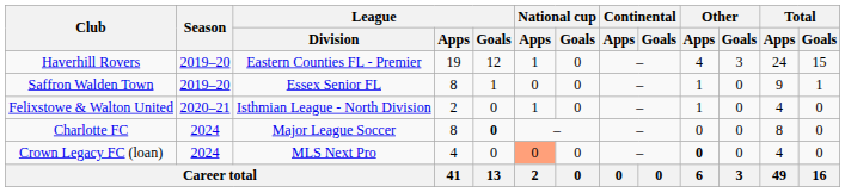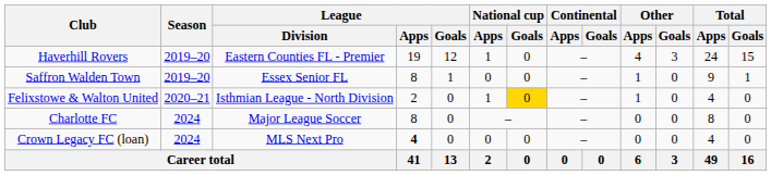 <table class="wikitable" style="text-align: center">
 <tr>
 <th rowspan="2">Club</th>
 <th rowspan="2">Season</th>
 <th colspan="3">League</th>
 <th colspan="2">National cup</th>
 <th colspan="2">Continental</th>
 <th colspan="2">Other</th>
 <th colspan="2">Total</th>
 </tr>
 <tr>
 <th>Division</th>
 <th>Apps</th>
 <th>Goals</th>
 <th>Apps</th>
 <th>Goals</th>
 <th>Apps</th>
 <th>Goals</th>
 <th>Apps</th>
 <th>Goals</th>
 <th>Apps</th>
 <th>Goals</th>
 </tr>
 <tr>
 <td><a href='#'>Haverhill Rovers</a></td>
 <td><a href='#'>2019–20</a></td>
 <td><a href='#'>Eastern Counties FL - Premier</a></td>
 <td>19</td>
 <td>12</td>
 <td>1</td>
 <td>0</td>
 <td colspan="2">–</td>
 <td>4</td>
 <td>3</td>
 <td>24</td>
 <td>15</td>
 </tr>
 <tr>
 <td><a href='#'>Saffron Walden Town</a></td>
 <td><a href='#'>2019–20</a></td>
 <td><a href='#'>Essex Senior FL</a></td>
 <td>8</td>
 <td>1</td>
 <td>0</td>
 <td>0</td>
 <td colspan="2">–</td>
 <td>1</td>
 <td>0</td>
 <td>9</td>
 <td>1</td>
 </tr>
 <tr>
 <td><a href='#'>Felixstowe & Walton United</a></td>
 <td><a href='#'>2020–21</a></td>
 <td><a href='#'>Isthmian League - North Division</a></td>
 <td>2</td>
 <td>0</td>
 <td>1</td>
-<td>0</td>
+<td style="background: gold;">0</td>
 <td colspan="2">–</td>
 <td>1</td>
 <td>0</td>
 <td>4</td>
 <td>0</td>
 </tr>
 <tr>
 <td><a href='#'>Charlotte FC</a></td>
 <td><a href='#'>2024</a></td>
 <td><a href='#'>Major League Soccer</a></td>
 <td>8</td>
-<td><strong>0</strong></td>
+<td>0</td>
 <td colspan="2">–</td>
 <td colspan="2">–</td>
 <td>0</td>
 <td>0</td>
 <td>8</td>
 <td>0</td>
 </tr>
 <tr>
 <td><a href='#'>Crown Legacy FC</a> (loan)</td>
 <td><a href='#'>2024</a></td>
 <td><a href='#'>MLS Next Pro</a></td>
-<td>4</td>
+<td><strong>4</strong></td>
 <td>0</td>
-<td style="background: lightsalmon;">0</td>
+<td>0</td>
 <td>0</td>
 <td colspan="2">–</td>
-<td><strong>0</strong></td>
+<td>0</td>
 <td>0</td>
 <td>4</td>
 <td>0</td>
 </tr>
 <tr>
 <th colspan=3>Career total</th>
 <th>41</th>
 <th>13</th>
 <th>2</th>
 <th>0</th>
 <th>0</th>
 <th>0</th>
 <th>6</th>
 <th>3</th>
 <th>49</th>
 <th>16</th>
 </tr>
 </table>
